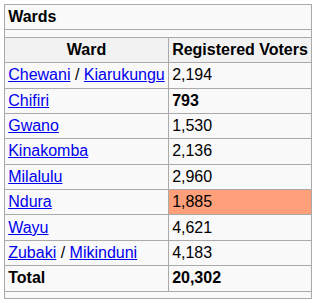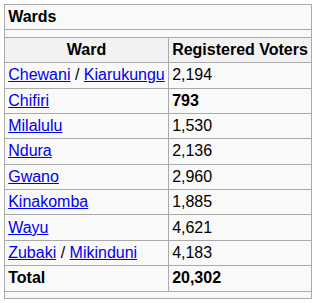 <table class="wikitable">
 <tr>
 <td colspan="2"><strong>Wards</strong></td>
 </tr>
 <tr>
 <td colspan="2"></td>
 </tr>
 <tr>
 <th>Ward</th>
 <th>Registered Voters</th>
 </tr>
 <tr>
 <td><a href='#'>Chewani</a> / <a href='#'>Kiarukungu</a></td>
 <td>2,194</td>
 </tr>
 <tr>
 <td><a href='#'>Chifiri</a></td>
 <td><strong>793</strong></td>
 </tr>
 <tr>
-<td><a href='#'>Gwano</a></td>
+<td><a href='#'>Milalulu</a></td>
 <td>1,530</td>
 </tr>
 <tr>
-<td><a href='#'>Kinakomba</a></td>
+<td><a href='#'>Ndura</a></td>
 <td>2,136</td>
 </tr>
 <tr>
-<td><a href='#'>Milalulu</a></td>
+<td><a href='#'>Gwano</a></td>
 <td>2,960</td>
 </tr>
 <tr>
-<td><a href='#'>Ndura</a></td>
-<td style="background: lightsalmon;">1,885</td>
+<td><a href='#'>Kinakomba</a></td>
+<td>1,885</td>
 </tr>
 <tr>
 <td><a href='#'>Wayu</a></td>
 <td>4,621</td>
 </tr>
 <tr>
 <td><a href='#'>Zubaki</a> / <a href='#'>Mikinduni</a></td>
 <td>4,183</td>
 </tr>
 <tr>
 <td><strong>Total</strong></td>
 <td><strong>20,302</strong></td>
 </tr>
 <tr>
 <td colspan="2"></td>
 </tr>
 </table>
